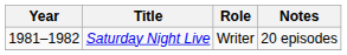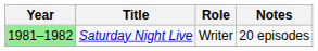 <table class="wikitable sortable">
 <tr>
 <th>Year</th>
 <th>Title</th>
 <th>Role</th>
 <th>Notes</th>
 </tr>
 <tr>
-<td>1981–1982</td>
+<td style="background: lightgreen;">1981–1982</td>
 <td><em><a href='#'>Saturday Night Live</a></em></td>
 <td>Writer</td>
 <td>20 episodes</td>
 </tr>
 <tr>
 </tr>
 </table>
